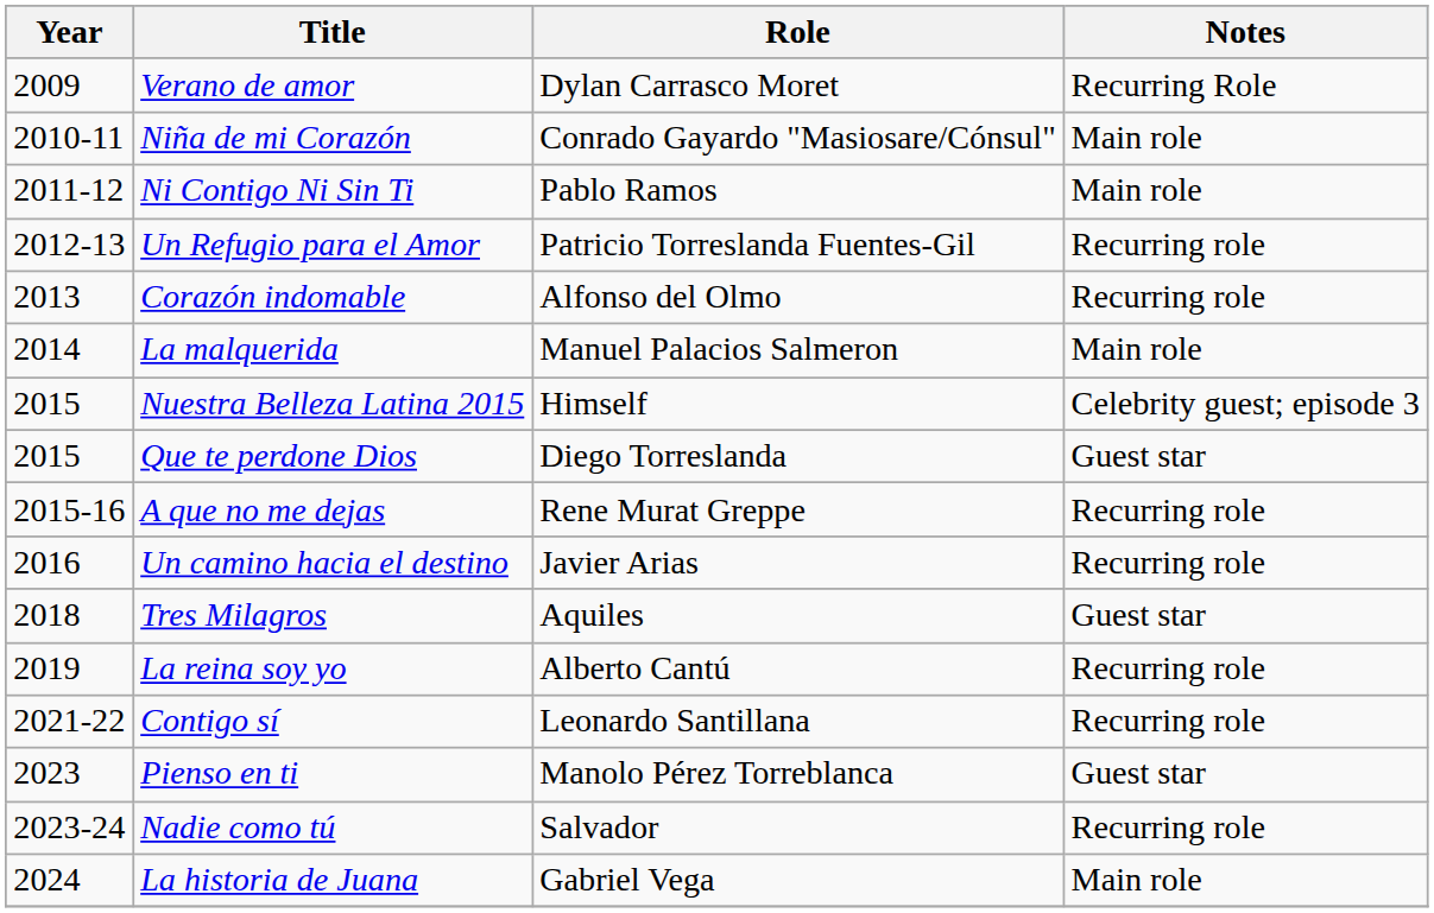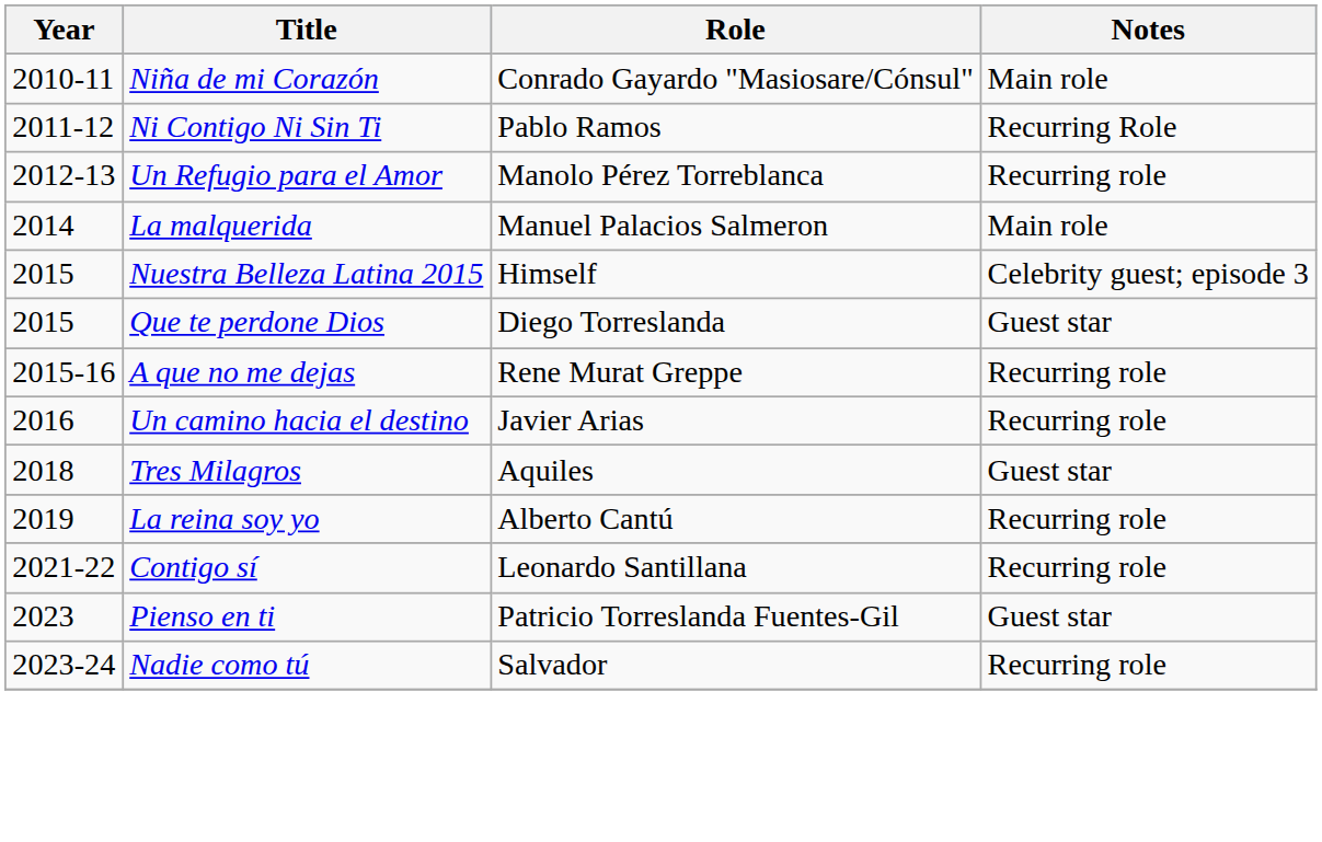 <table class="wikitable">
 <tr style="background:#b0c4de;">
 <th>Year</th>
 <th>Title</th>
 <th>Role</th>
 <th>Notes</th>
-</tr>
-<tr>
-<td>2009</td>
-<td><em><a href='#'>Verano de amor</a></em></td>
-<td>Dylan Carrasco Moret</td>
-<td>Recurring Role</td>
 </tr>
 <tr>
 <td>2010-11</td>
 <td><em><a href='#'>Niña de mi Corazón</a></em></td>
 <td>Conrado Gayardo "Masiosare/Cónsul"</td>
 <td>Main role</td>
 </tr>
 <tr>
 <td>2011-12</td>
 <td><em><a href='#'>Ni Contigo Ni Sin Ti</a></em></td>
 <td>Pablo Ramos</td>
-<td>Main role</td>
+<td>Recurring Role</td>
 </tr>
 <tr>
 <td>2012-13</td>
 <td><em><a href='#'>Un Refugio para el Amor</a></em></td>
-<td>Patricio Torreslanda Fuentes-Gil</td>
-<td>Recurring role</td>
-</tr>
-<tr>
-<td>2013</td>
-<td><em><a href='#'>Corazón indomable</a></em></td>
-<td>Alfonso del Olmo</td>
+<td>Manolo Pérez Torreblanca</td>
 <td>Recurring role</td>
 </tr>
 <tr>
 <td>2014</td>
 <td><em><a href='#'>La malquerida</a></em></td>
 <td>Manuel Palacios Salmeron</td>
 <td>Main role</td>
 </tr>
 <tr>
 <td>2015</td>
 <td><em><a href='#'>Nuestra Belleza Latina 2015</a></em></td>
 <td>Himself</td>
 <td>Celebrity guest; episode 3</td>
 </tr>
 <tr>
 <td>2015</td>
 <td><em><a href='#'>Que te perdone Dios</a></em></td>
 <td>Diego Torreslanda</td>
 <td>Guest star</td>
 </tr>
 <tr>
 <td>2015-16</td>
 <td><em><a href='#'>A que no me dejas</a></em></td>
 <td>Rene Murat Greppe</td>
 <td>Recurring role</td>
 </tr>
 <tr>
 <td>2016</td>
 <td><em><a href='#'>Un camino hacia el destino</a></em></td>
 <td>Javier Arias</td>
 <td>Recurring role</td>
 </tr>
 <tr>
 <td>2018</td>
 <td><em><a href='#'>Tres Milagros</a></em></td>
 <td>Aquiles</td>
 <td>Guest star</td>
 </tr>
 <tr>
 <td>2019</td>
 <td><em><a href='#'>La reina soy yo</a></em></td>
 <td>Alberto Cantú</td>
 <td>Recurring role</td>
 </tr>
 <tr>
 <td>2021-22</td>
 <td><em><a href='#'>Contigo sí</a></em></td>
 <td>Leonardo Santillana</td>
 <td>Recurring role</td>
 </tr>
 <tr>
 <td>2023</td>
 <td><em><a href='#'>Pienso en ti</a></em></td>
-<td>Manolo Pérez Torreblanca</td>
+<td>Patricio Torreslanda Fuentes-Gil</td>
 <td>Guest star</td>
 </tr>
 <tr>
 <td>2023-24</td>
 <td><em><a href='#'>Nadie como tú</a></em></td>
 <td>Salvador</td>
 <td>Recurring role</td>
 </tr>
 <tr>
-<td>2024</td>
-<td><em><a href='#'>La historia de Juana</a></em></td>
-<td>Gabriel Vega</td>
-<td>Main role</td>
-</tr>
-<tr>
 </tr>
 </table>
